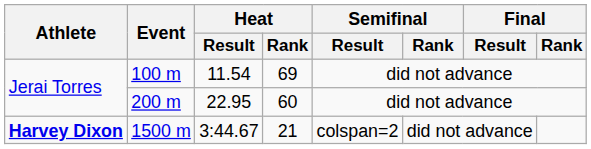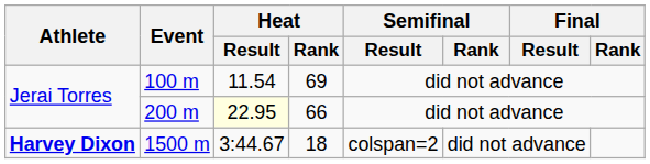 <table class="wikitable" style="font-size:90%">
 <tr>
 <th rowspan=2>Athlete</th>
 <th rowspan=2>Event</th>
 <th colspan=2>Heat</th>
 <th colspan=2>Semifinal</th>
 <th colspan=2>Final</th>
 </tr>
 <tr style="font-size:95%">
 <th>Result</th>
 <th>Rank</th>
 <th>Result</th>
 <th>Rank</th>
 <th>Result</th>
 <th>Rank</th>
 </tr>
 <tr align=center>
 <td align=left rowspan=2><a href='#'>Jerai Torres</a></td>
 <td align=left><a href='#'>100 m</a></td>
 <td>11.54</td>
 <td>69</td>
 <td colspan=4>did not advance</td>
 </tr>
 <tr align=center>
 <td align=left><a href='#'>200 m</a></td>
-<td>22.95</td>
-<td>60</td>
+<td style="background: lightyellow;">22.95</td>
+<td>66</td>
 <td colspan=4>did not advance</td>
 </tr>
 <tr align=center>
 <td align=left><strong><a href='#'>Harvey Dixon</a></strong></td>
 <td align=left><a href='#'>1500 m</a></td>
 <td>3:44.67</td>
-<td>21</td>
+<td>18</td>
 <td>colspan=2 </td>
 <td colspan=2>did not advance</td>
 </tr>
 </table>
